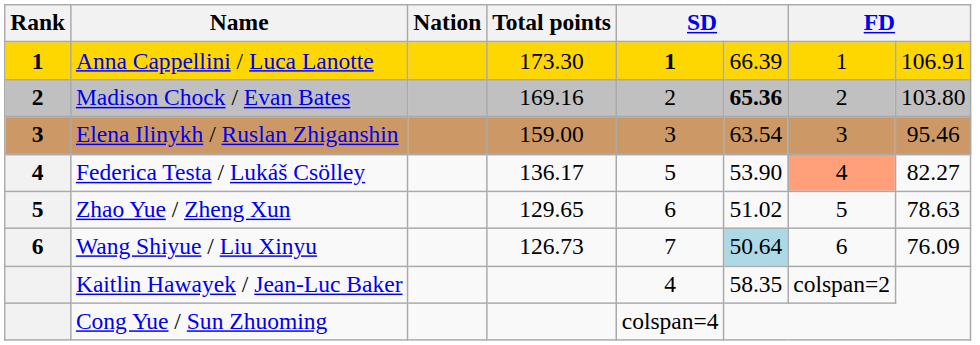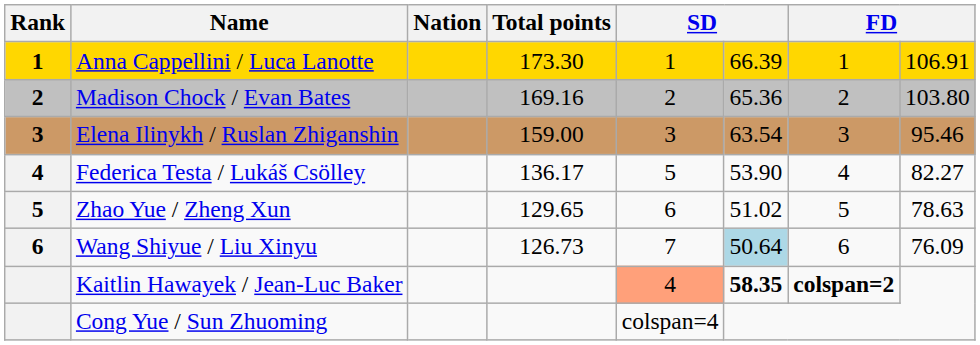 <table class="wikitable sortable">
 <tr>
 <th>Rank</th>
 <th>Name</th>
 <th>Nation</th>
 <th>Total points</th>
 <th colspan="2" width="80px"><a href='#'>SD</a></th>
 <th colspan="2" width="80px"><a href='#'>FD</a></th>
 </tr>
 <tr bgcolor="gold">
 <td align="center"><strong>1</strong></td>
 <td><a href='#'>Anna Cappellini</a> / <a href='#'>Luca Lanotte</a></td>
 <td></td>
 <td align="center">173.30</td>
-<td align="center"><strong>1</strong></td>
+<td align="center">1</td>
 <td align="center">66.39</td>
 <td align="center">1</td>
 <td align="center">106.91</td>
 </tr>
 <tr bgcolor="silver">
 <td align="center"><strong>2</strong></td>
 <td><a href='#'>Madison Chock</a> / <a href='#'>Evan Bates</a></td>
 <td></td>
 <td align="center">169.16</td>
 <td align="center">2</td>
-<td align="center"><strong>65.36</strong></td>
+<td align="center">65.36</td>
 <td align="center">2</td>
 <td align="center">103.80</td>
 </tr>
 <tr bgcolor="cc9966">
 <td align="center"><strong>3</strong></td>
 <td><a href='#'>Elena Ilinykh</a> / <a href='#'>Ruslan Zhiganshin</a></td>
 <td></td>
 <td align="center">159.00</td>
 <td align="center">3</td>
 <td align="center">63.54</td>
 <td align="center">3</td>
 <td align="center">95.46</td>
 </tr>
 <tr>
 <th>4</th>
 <td><a href='#'>Federica Testa</a> / <a href='#'>Lukáš Csölley</a></td>
 <td></td>
 <td align="center">136.17</td>
 <td align="center">5</td>
 <td align="center">53.90</td>
-<td align="center" style="background: lightsalmon;">4</td>
+<td align="center">4</td>
 <td align="center">82.27</td>
 </tr>
 <tr>
 <th>5</th>
 <td><a href='#'>Zhao Yue</a> / <a href='#'>Zheng Xun</a></td>
 <td></td>
 <td align="center">129.65</td>
 <td align="center">6</td>
 <td align="center">51.02</td>
 <td align="center">5</td>
 <td align="center">78.63</td>
 </tr>
 <tr>
 <th>6</th>
 <td><a href='#'>Wang Shiyue</a> / <a href='#'>Liu Xinyu</a></td>
 <td></td>
 <td align="center">126.73</td>
 <td align="center">7</td>
 <td align="center" style="background: lightblue;">50.64</td>
 <td align="center">6</td>
 <td align="center">76.09</td>
 </tr>
 <tr>
 <th></th>
 <td><a href='#'>Kaitlin Hawayek</a> / <a href='#'>Jean-Luc Baker</a></td>
 <td></td>
 <td></td>
-<td align="center">4</td>
-<td align="center">58.35</td>
-<td>colspan=2 </td>
+<td align="center" style="background: lightsalmon;">4</td>
+<td align="center"><strong>58.35</strong></td>
+<td><strong>colspan=2 </strong></td>
 </tr>
 <tr>
 <th></th>
 <td><a href='#'>Cong Yue</a> / <a href='#'>Sun Zhuoming</a></td>
 <td></td>
 <td></td>
 <td>colspan=4 </td>
 </tr>
 </table>
